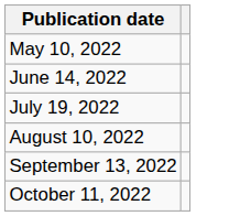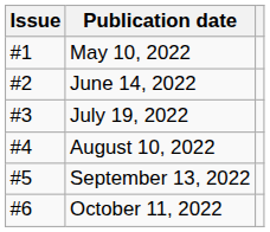 <table class="wikitable">
 <tr>
+<th>Issue</th>
 <th>Publication date</th>
 <th></th>
 </tr>
 <tr>
+<td>#1</td>
 <td>May 10, 2022</td>
 <td></td>
 </tr>
 <tr>
+<td>#2</td>
 <td>June 14, 2022</td>
 <td></td>
 </tr>
 <tr>
+<td>#3</td>
 <td>July 19, 2022</td>
 <td></td>
 </tr>
 <tr>
+<td>#4</td>
 <td>August 10, 2022</td>
 <td></td>
 </tr>
 <tr>
+<td>#5</td>
 <td>September 13, 2022</td>
 <td></td>
 </tr>
 <tr>
+<td>#6</td>
 <td>October 11, 2022</td>
 <td></td>
 </tr>
 </table>
